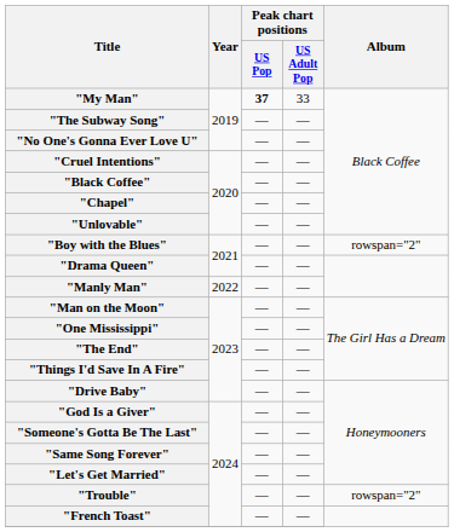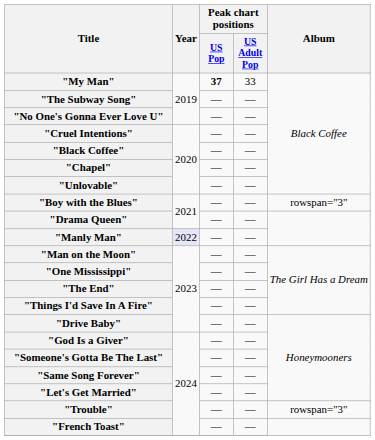 <table class="wikitable plainrowheaders" style="text-align:center;">
 <tr>
 <th scope="col" rowspan="2" style="width:15em;">Title</th>
 <th scope="col" rowspan="2">Year</th>
 <th scope="col" colspan="2">Peak chart positions</th>
 <th scope="col" rowspan="2">Album</th>
 </tr>
 <tr>
 <th style="width:3em;font-size:90%;"><a href='#'>US<br>Pop</a><br></th>
 <th style="width:3em;font-size:90%;"><a href='#'>US<br>Adult<br>Pop</a><br></th>
 </tr>
 <tr>
 <th scope="row">"My Man"</th>
 <td rowspan="3">2019</td>
 <td><strong>37</strong></td>
 <td>33</td>
 <td rowspan="7"><em>Black Coffee</em></td>
 </tr>
 <tr>
 <th scope="row">"The Subway Song"</th>
 <td>—</td>
 <td>—</td>
 </tr>
 <tr>
 <th scope="row">"No One's Gonna Ever Love U"</th>
 <td>—</td>
 <td>—</td>
 </tr>
 <tr>
 <th scope="row">"Cruel Intentions"<br></th>
 <td rowspan="4">2020</td>
 <td>—</td>
 <td>—</td>
 </tr>
 <tr>
 <th scope="row">"Black Coffee"</th>
 <td>—</td>
 <td>—</td>
 </tr>
 <tr>
 <th scope="row">"Chapel"</th>
 <td>—</td>
 <td>—</td>
 </tr>
 <tr>
 <th scope="row">"Unlovable"</th>
 <td>—</td>
 <td>—</td>
 </tr>
 <tr>
 <th scope="row">"Boy with the Blues"</th>
 <td rowspan="2">2021</td>
 <td>—</td>
 <td>—</td>
-<td>rowspan="2" </td>
+<td>rowspan="3" </td>
 </tr>
 <tr>
 <th scope="row">"Drama Queen"</th>
 <td>—</td>
 <td>—</td>
 </tr>
 <tr>
 <th scope="row">"Manly Man"<br></th>
-<td>2022</td>
+<td style="background: lavender;">2022</td>
 <td>—</td>
 <td>—</td>
 </tr>
 <tr>
 <th scope="row">"Man on the Moon"</th>
 <td rowspan="5">2023</td>
 <td>—</td>
 <td>—</td>
 <td rowspan="4"><em> The Girl Has a Dream</em></td>
 </tr>
 <tr>
 <th scope="row">"One Mississippi"</th>
 <td>—</td>
 <td>—</td>
 </tr>
 <tr>
 <th scope="row">"The End"</th>
 <td>—</td>
 <td>—</td>
 </tr>
 <tr>
 <th scope="row">"Things I'd Save In A Fire"</th>
 <td>—</td>
 <td>—</td>
 </tr>
 <tr>
 <th scope="row">"Drive Baby" <br></th>
 <td>—</td>
 <td>—</td>
 <td rowspan="5"><em>Honeymooners</em></td>
 </tr>
 <tr>
 <th scope="row">"God Is a Giver" <br></th>
 <td rowspan="6">2024</td>
 <td>—</td>
 <td>—</td>
 </tr>
 <tr>
 <th scope="row">"Someone's Gotta Be The Last" <br></th>
 <td>—</td>
 <td>—</td>
 </tr>
 <tr>
 <th scope="row">"Same Song Forever" <br></th>
 <td>—</td>
 <td>—</td>
 </tr>
 <tr>
 <th scope="row">"Let's Get Married" <br></th>
 <td>—</td>
 <td>—</td>
 </tr>
 <tr>
 <th scope="row">"Trouble"</th>
 <td>—</td>
 <td>—</td>
-<td>rowspan="2" </td>
+<td>rowspan="3" </td>
 </tr>
 <tr>
 <th scope="row">"French Toast"</th>
 <td>—</td>
 <td>—</td>
 </tr>
 <tr>
 </tr>
 </table>
